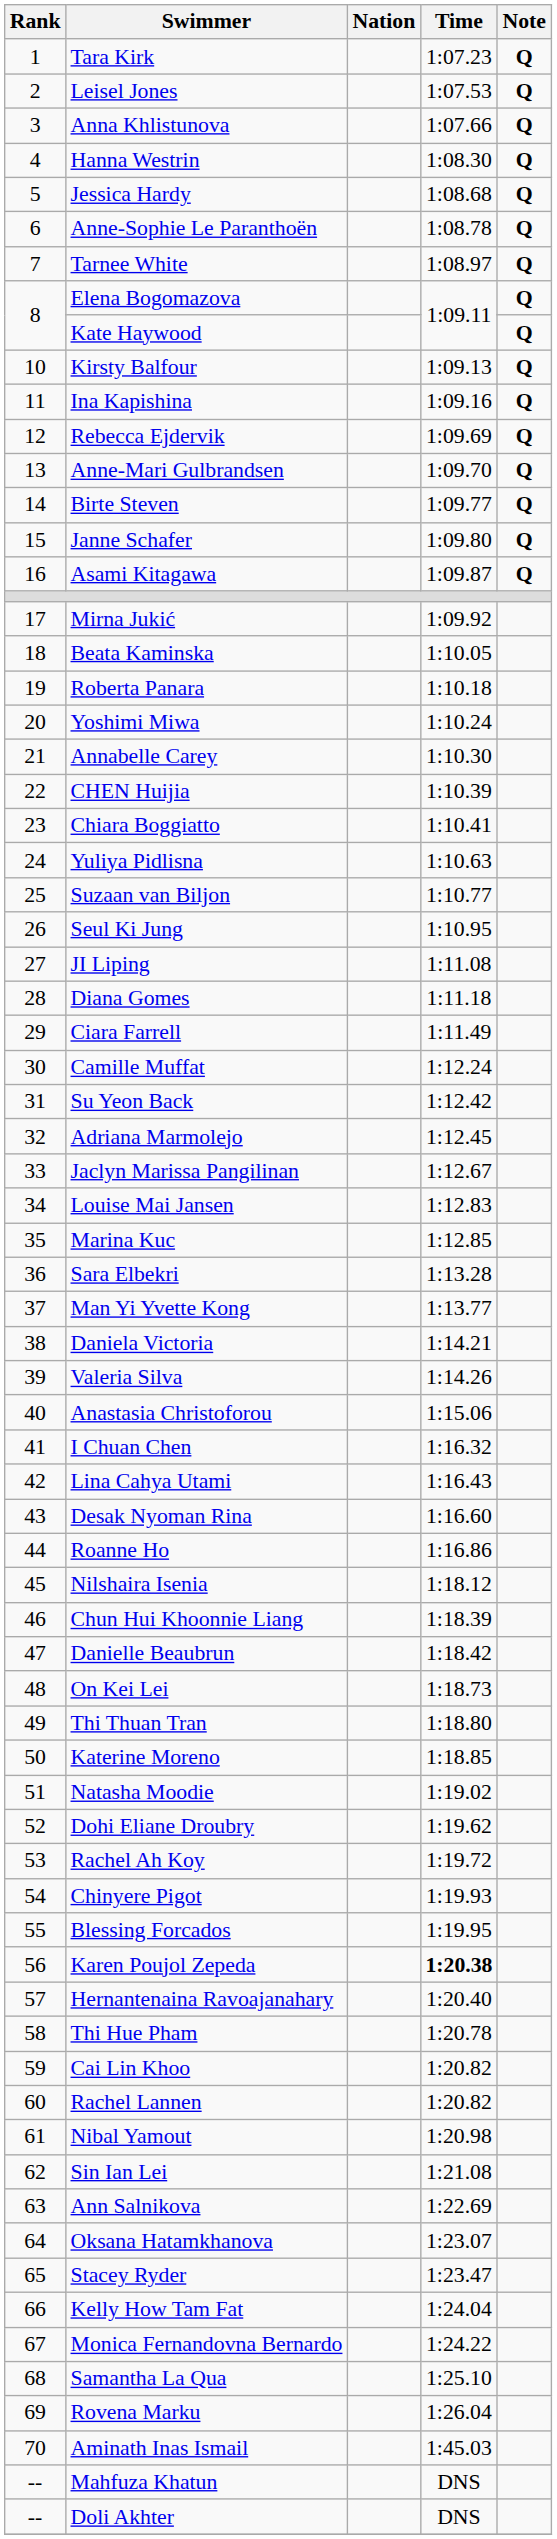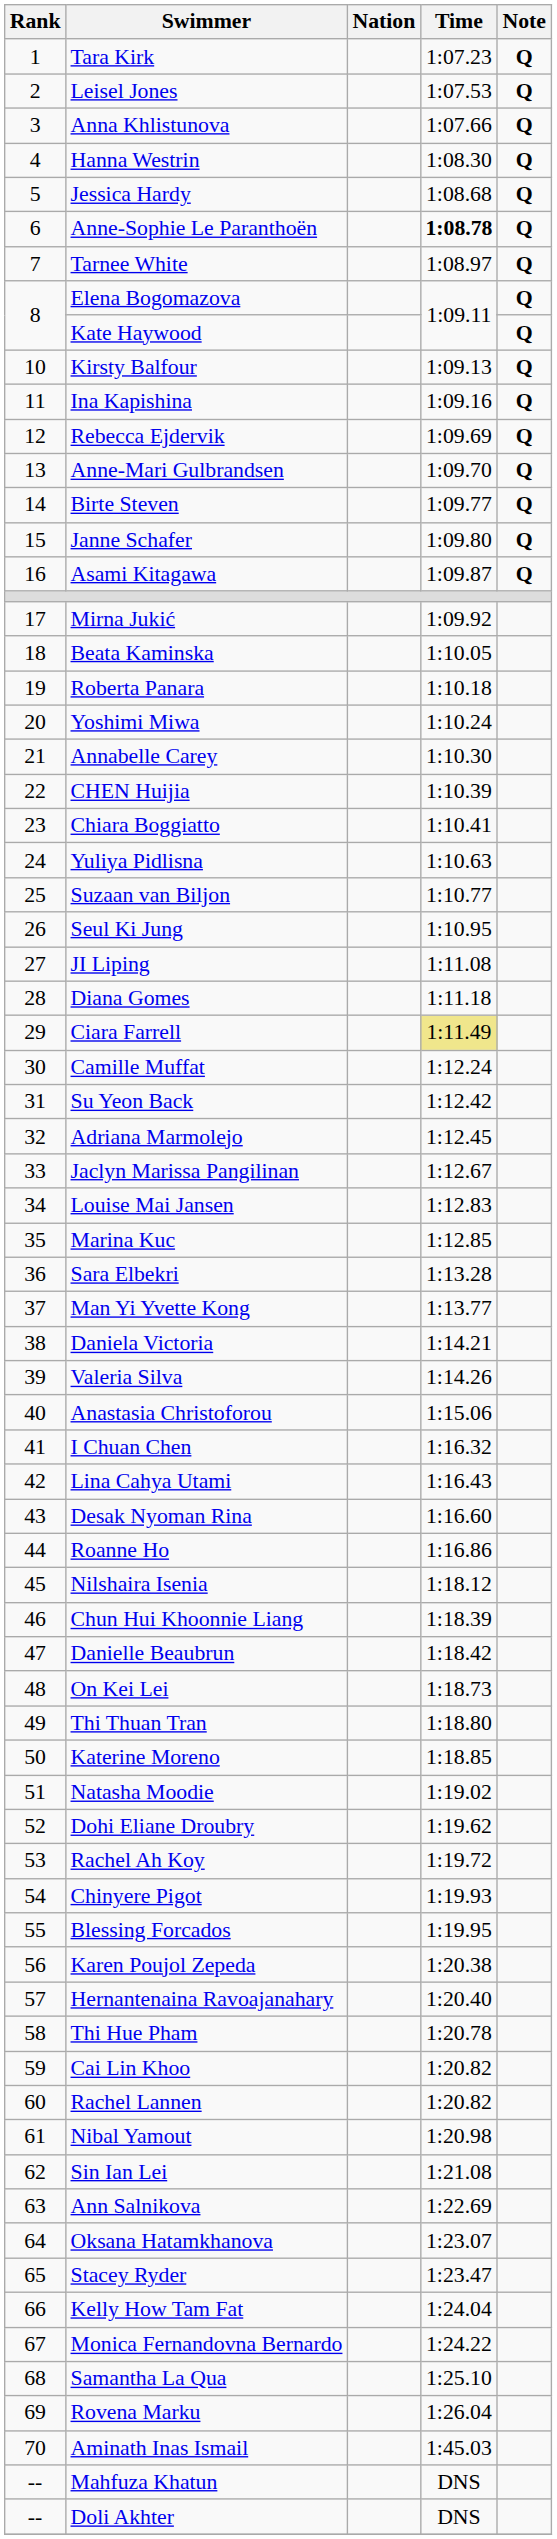 <table class="wikitable" style="text-align:center">
 <tr>
 <th>Rank</th>
 <th>Swimmer</th>
 <th>Nation</th>
 <th>Time</th>
 <th>Note</th>
 </tr>
 <tr>
 <td>1</td>
 <td align=left><a href='#'>Tara Kirk</a></td>
 <td align=left></td>
 <td>1:07.23</td>
 <td><strong>Q</strong></td>
 </tr>
 <tr>
 <td>2</td>
 <td align=left><a href='#'>Leisel Jones</a></td>
 <td align=left></td>
 <td>1:07.53</td>
 <td><strong>Q</strong></td>
 </tr>
 <tr>
 <td>3</td>
 <td align=left><a href='#'>Anna Khlistunova</a></td>
 <td align=left></td>
 <td>1:07.66</td>
 <td><strong>Q</strong></td>
 </tr>
 <tr>
 <td>4</td>
 <td align=left><a href='#'>Hanna Westrin</a></td>
 <td align=left></td>
 <td>1:08.30</td>
 <td><strong>Q</strong></td>
 </tr>
 <tr>
 <td>5</td>
 <td align=left><a href='#'>Jessica Hardy</a></td>
 <td align=left></td>
 <td>1:08.68</td>
 <td><strong>Q</strong></td>
 </tr>
 <tr>
 <td>6</td>
 <td align=left><a href='#'>Anne-Sophie Le Paranthoën</a></td>
 <td align=left></td>
-<td>1:08.78</td>
+<td><strong>1:08.78</strong></td>
 <td><strong>Q</strong></td>
 </tr>
 <tr>
 <td>7</td>
 <td align=left><a href='#'>Tarnee White</a></td>
 <td align=left></td>
 <td>1:08.97</td>
 <td><strong>Q</strong></td>
 </tr>
 <tr>
 <td rowspan=2>8</td>
 <td align=left><a href='#'>Elena Bogomazova</a></td>
 <td align=left></td>
 <td rowspan=2>1:09.11</td>
 <td><strong>Q</strong></td>
 </tr>
 <tr>
 <td align=left><a href='#'>Kate Haywood</a></td>
 <td align=left></td>
 <td><strong>Q</strong></td>
 </tr>
 <tr>
 <td>10</td>
 <td align=left><a href='#'>Kirsty Balfour</a></td>
 <td align=left></td>
 <td>1:09.13</td>
 <td><strong>Q</strong></td>
 </tr>
 <tr>
 <td>11</td>
 <td align=left><a href='#'>Ina Kapishina</a></td>
 <td align=left></td>
 <td>1:09.16</td>
 <td><strong>Q</strong></td>
 </tr>
 <tr>
 <td>12</td>
 <td align=left><a href='#'>Rebecca Ejdervik</a></td>
 <td align=left></td>
 <td>1:09.69</td>
 <td><strong>Q</strong></td>
 </tr>
 <tr>
 <td>13</td>
 <td align=left><a href='#'>Anne-Mari Gulbrandsen</a></td>
 <td align=left></td>
 <td>1:09.70</td>
 <td><strong>Q</strong></td>
 </tr>
 <tr>
 <td>14</td>
 <td align=left><a href='#'>Birte Steven</a></td>
 <td align=left></td>
 <td>1:09.77</td>
 <td><strong>Q</strong></td>
 </tr>
 <tr>
 <td>15</td>
 <td align=left><a href='#'>Janne Schafer</a></td>
 <td align=left></td>
 <td>1:09.80</td>
 <td><strong>Q</strong></td>
 </tr>
 <tr>
 <td>16</td>
 <td align=left><a href='#'>Asami Kitagawa</a></td>
 <td align=left></td>
 <td>1:09.87</td>
 <td><strong>Q</strong></td>
 </tr>
 <tr bgcolor=#DDDDDD>
 <td colspan=5></td>
 </tr>
 <tr>
 <td>17</td>
 <td align=left><a href='#'>Mirna Jukić</a></td>
 <td align=left></td>
 <td>1:09.92</td>
 <td></td>
 </tr>
 <tr>
 <td>18</td>
 <td align=left><a href='#'>Beata Kaminska</a></td>
 <td align=left></td>
 <td>1:10.05</td>
 <td></td>
 </tr>
 <tr>
 <td>19</td>
 <td align=left><a href='#'>Roberta Panara</a></td>
 <td align=left></td>
 <td>1:10.18</td>
 <td></td>
 </tr>
 <tr>
 <td>20</td>
 <td align=left><a href='#'>Yoshimi Miwa</a></td>
 <td align=left></td>
 <td>1:10.24</td>
 <td></td>
 </tr>
 <tr>
 <td>21</td>
 <td align=left><a href='#'>Annabelle Carey</a></td>
 <td align=left></td>
 <td>1:10.30</td>
 <td></td>
 </tr>
 <tr>
 <td>22</td>
 <td align=left><a href='#'>CHEN Huijia</a></td>
 <td align=left></td>
 <td>1:10.39</td>
 <td></td>
 </tr>
 <tr>
 <td>23</td>
 <td align=left><a href='#'>Chiara Boggiatto</a></td>
 <td align=left></td>
 <td>1:10.41</td>
 <td></td>
 </tr>
 <tr>
 <td>24</td>
 <td align=left><a href='#'>Yuliya Pidlisna</a></td>
 <td align=left></td>
 <td>1:10.63</td>
 <td></td>
 </tr>
 <tr>
 <td>25</td>
 <td align=left><a href='#'>Suzaan van Biljon</a></td>
 <td align=left></td>
 <td>1:10.77</td>
 <td></td>
 </tr>
 <tr>
 <td>26</td>
 <td align=left><a href='#'>Seul Ki Jung</a></td>
 <td align=left></td>
 <td>1:10.95</td>
 <td></td>
 </tr>
 <tr>
 <td>27</td>
 <td align=left><a href='#'>JI Liping</a></td>
 <td align=left></td>
 <td>1:11.08</td>
 <td></td>
 </tr>
 <tr>
 <td>28</td>
 <td align=left><a href='#'>Diana Gomes</a></td>
 <td align=left></td>
 <td>1:11.18</td>
 <td></td>
 </tr>
 <tr>
 <td>29</td>
 <td align=left><a href='#'>Ciara Farrell</a></td>
 <td align=left></td>
-<td>1:11.49</td>
+<td style="background: khaki;">1:11.49</td>
 <td></td>
 </tr>
 <tr>
 <td>30</td>
 <td align=left><a href='#'>Camille Muffat</a></td>
 <td align=left></td>
 <td>1:12.24</td>
 <td></td>
 </tr>
 <tr>
 <td>31</td>
 <td align=left><a href='#'>Su Yeon Back</a></td>
 <td align=left></td>
 <td>1:12.42</td>
 <td></td>
 </tr>
 <tr>
 <td>32</td>
 <td align=left><a href='#'>Adriana Marmolejo</a></td>
 <td align=left></td>
 <td>1:12.45</td>
 <td></td>
 </tr>
 <tr>
 <td>33</td>
 <td align=left><a href='#'>Jaclyn Marissa Pangilinan</a></td>
 <td align=left></td>
 <td>1:12.67</td>
 <td></td>
 </tr>
 <tr>
 <td>34</td>
 <td align=left><a href='#'>Louise Mai Jansen</a></td>
 <td align=left></td>
 <td>1:12.83</td>
 <td></td>
 </tr>
 <tr>
 <td>35</td>
 <td align=left><a href='#'>Marina Kuc</a></td>
 <td align=left></td>
 <td>1:12.85</td>
 <td></td>
 </tr>
 <tr>
 <td>36</td>
 <td align=left><a href='#'>Sara Elbekri</a></td>
 <td align=left></td>
 <td>1:13.28</td>
 <td></td>
 </tr>
 <tr>
 <td>37</td>
 <td align=left><a href='#'>Man Yi Yvette Kong</a></td>
 <td align=left></td>
 <td>1:13.77</td>
 <td></td>
 </tr>
 <tr>
 <td>38</td>
 <td align=left><a href='#'>Daniela Victoria</a></td>
 <td align=left></td>
 <td>1:14.21</td>
 <td></td>
 </tr>
 <tr>
 <td>39</td>
 <td align=left><a href='#'>Valeria Silva</a></td>
 <td align=left></td>
 <td>1:14.26</td>
 <td></td>
 </tr>
 <tr>
 <td>40</td>
 <td align=left><a href='#'>Anastasia Christoforou</a></td>
 <td align=left></td>
 <td>1:15.06</td>
 <td></td>
 </tr>
 <tr>
 <td>41</td>
 <td align=left><a href='#'>I Chuan Chen</a></td>
 <td align=left></td>
 <td>1:16.32</td>
 <td></td>
 </tr>
 <tr>
 <td>42</td>
 <td align=left><a href='#'>Lina Cahya Utami</a></td>
 <td align=left></td>
 <td>1:16.43</td>
 <td></td>
 </tr>
 <tr>
 <td>43</td>
 <td align=left><a href='#'>Desak Nyoman Rina</a></td>
 <td align=left></td>
 <td>1:16.60</td>
 <td></td>
 </tr>
 <tr>
 <td>44</td>
 <td align=left><a href='#'>Roanne Ho</a></td>
 <td align=left></td>
 <td>1:16.86</td>
 <td></td>
 </tr>
 <tr>
 <td>45</td>
 <td align=left><a href='#'>Nilshaira Isenia</a></td>
 <td align=left></td>
 <td>1:18.12</td>
 <td></td>
 </tr>
 <tr>
 <td>46</td>
 <td align=left><a href='#'>Chun Hui Khoonnie Liang</a></td>
 <td align=left></td>
 <td>1:18.39</td>
 <td></td>
 </tr>
 <tr>
 <td>47</td>
 <td align=left><a href='#'>Danielle Beaubrun</a></td>
 <td align=left></td>
 <td>1:18.42</td>
 <td></td>
 </tr>
 <tr>
 <td>48</td>
 <td align=left><a href='#'>On Kei Lei</a></td>
 <td align=left></td>
 <td>1:18.73</td>
 <td></td>
 </tr>
 <tr>
 <td>49</td>
 <td align=left><a href='#'>Thi Thuan Tran</a></td>
 <td align=left></td>
 <td>1:18.80</td>
 <td></td>
 </tr>
 <tr>
 <td>50</td>
 <td align=left><a href='#'>Katerine Moreno</a></td>
 <td align=left></td>
 <td>1:18.85</td>
 <td></td>
 </tr>
 <tr>
 <td>51</td>
 <td align=left><a href='#'>Natasha Moodie</a></td>
 <td align=left></td>
 <td>1:19.02</td>
 <td></td>
 </tr>
 <tr>
 <td>52</td>
 <td align=left><a href='#'>Dohi Eliane Droubry</a></td>
 <td align=left></td>
 <td>1:19.62</td>
 <td></td>
 </tr>
 <tr>
 <td>53</td>
 <td align=left><a href='#'>Rachel Ah Koy</a></td>
 <td align=left></td>
 <td>1:19.72</td>
 <td></td>
 </tr>
 <tr>
 <td>54</td>
 <td align=left><a href='#'>Chinyere Pigot</a></td>
 <td align=left></td>
 <td>1:19.93</td>
 <td></td>
 </tr>
 <tr>
 <td>55</td>
 <td align=left><a href='#'>Blessing Forcados</a></td>
 <td align=left></td>
 <td>1:19.95</td>
 <td></td>
 </tr>
 <tr>
 <td>56</td>
 <td align=left><a href='#'>Karen Poujol Zepeda</a></td>
 <td align=left></td>
-<td><strong>1:20.38</strong></td>
+<td>1:20.38</td>
 <td></td>
 </tr>
 <tr>
 <td>57</td>
 <td align=left><a href='#'>Hernantenaina Ravoajanahary</a></td>
 <td align=left></td>
 <td>1:20.40</td>
 <td></td>
 </tr>
 <tr>
 <td>58</td>
 <td align=left><a href='#'>Thi Hue Pham</a></td>
 <td align=left></td>
 <td>1:20.78</td>
 <td></td>
 </tr>
 <tr>
 <td>59</td>
 <td align=left><a href='#'>Cai Lin Khoo</a></td>
 <td align=left></td>
 <td>1:20.82</td>
 <td></td>
 </tr>
 <tr>
 <td>60</td>
 <td align=left><a href='#'>Rachel Lannen</a></td>
 <td align=left></td>
 <td>1:20.82</td>
 <td></td>
 </tr>
 <tr>
 <td>61</td>
 <td align=left><a href='#'>Nibal Yamout</a></td>
 <td align=left></td>
 <td>1:20.98</td>
 <td></td>
 </tr>
 <tr>
 <td>62</td>
 <td align=left><a href='#'>Sin Ian Lei</a></td>
 <td align=left></td>
 <td>1:21.08</td>
 <td></td>
 </tr>
 <tr>
 <td>63</td>
 <td align=left><a href='#'>Ann Salnikova</a></td>
 <td align=left></td>
 <td>1:22.69</td>
 <td></td>
 </tr>
 <tr>
 <td>64</td>
 <td align=left><a href='#'>Oksana Hatamkhanova</a></td>
 <td align=left></td>
 <td>1:23.07</td>
 <td></td>
 </tr>
 <tr>
 <td>65</td>
 <td align=left><a href='#'>Stacey Ryder</a></td>
 <td align=left></td>
 <td>1:23.47</td>
 <td></td>
 </tr>
 <tr>
 <td>66</td>
 <td align=left><a href='#'>Kelly How Tam Fat</a></td>
 <td align=left></td>
 <td>1:24.04</td>
 <td></td>
 </tr>
 <tr>
 <td>67</td>
 <td align=left><a href='#'>Monica Fernandovna Bernardo</a></td>
 <td align=left></td>
 <td>1:24.22</td>
 <td></td>
 </tr>
 <tr>
 <td>68</td>
 <td align=left><a href='#'>Samantha La Qua</a></td>
 <td align=left></td>
 <td>1:25.10</td>
 <td></td>
 </tr>
 <tr>
 <td>69</td>
 <td align=left><a href='#'>Rovena Marku</a></td>
 <td align=left></td>
 <td>1:26.04</td>
 <td></td>
 </tr>
 <tr>
 <td>70</td>
 <td align=left><a href='#'>Aminath Inas Ismail</a></td>
 <td align=left></td>
 <td>1:45.03</td>
 <td></td>
 </tr>
 <tr>
 <td>--</td>
 <td align=left><a href='#'>Mahfuza Khatun</a></td>
 <td align=left></td>
 <td>DNS</td>
 <td></td>
 </tr>
 <tr>
 <td>--</td>
 <td align=left><a href='#'>Doli Akhter</a></td>
 <td align=left></td>
 <td>DNS</td>
 <td></td>
 </tr>
 <tr>
 </tr>
 </table>
